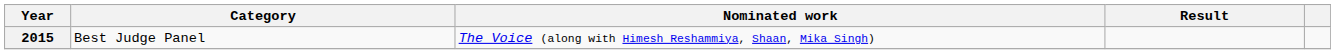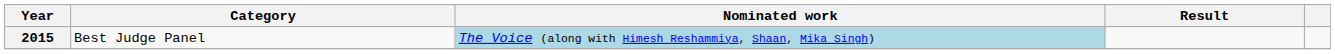 <table class="wikitable plainrowheaders" width="100%" textcolor:#000;">
 <tr>
 <th scope="col" width=5%><strong>Year</strong></th>
 <th scope="col" width=29%><strong>Category</strong></th>
 <th scope="col" width=49%><strong>Nominated work</strong></th>
 <th scope="col" width=15%><strong>Result</strong></th>
 <th scope="col" width=2%><strong></strong></th>
 </tr>
 <tr>
 <th scope="row">2015</th>
 <td>Best Judge Panel</td>
-<td><em><a href='#'>The Voice</a></em> <small>(along with <a href='#'>Himesh Reshammiya</a>, <a href='#'>Shaan</a>, <a href='#'>Mika Singh</a>)</small></td>
+<td style="background: lightblue;"><em><a href='#'>The Voice</a></em> <small>(along with <a href='#'>Himesh Reshammiya</a>, <a href='#'>Shaan</a>, <a href='#'>Mika Singh</a>)</small></td>
 <td></td>
 <td style="text-align:center;"></td>
 </tr>
 <tr>
 </tr>
 </table>
